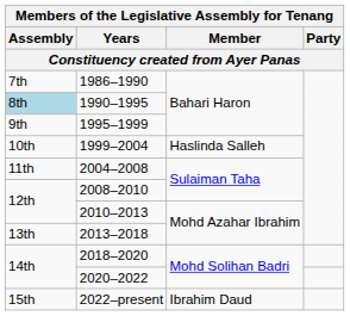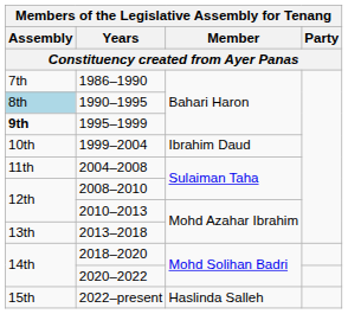 <table class=wikitable>
 <tr>
 <th colspan=4>Members of the Legislative Assembly for Tenang</th>
 </tr>
 <tr>
 <th>Assembly</th>
 <th>Years</th>
 <th>Member</th>
 <th>Party</th>
 </tr>
 <tr>
 <th colspan=4 align=center><em>Constituency created from Ayer Panas</em></th>
 </tr>
 <tr>
 <td>7th</td>
 <td>1986–1990</td>
 <td rowspan="3">Bahari Haron</td>
 <td rowspan="8"></td>
 </tr>
 <tr>
 <td style="background: lightblue;">8th</td>
 <td>1990–1995</td>
 </tr>
 <tr>
-<td>9th</td>
+<td><strong>9th</strong></td>
 <td>1995–1999</td>
 </tr>
 <tr>
 <td>10th</td>
 <td>1999–2004</td>
-<td>Haslinda Salleh</td>
+<td>Ibrahim Daud</td>
 </tr>
 <tr>
 <td>11th</td>
 <td>2004–2008</td>
 <td rowspan="2"><a href='#'>Sulaiman Taha</a></td>
 </tr>
 <tr>
 <td rowspan="2">12th</td>
 <td>2008–2010</td>
 </tr>
 <tr>
 <td>2010–2013</td>
 <td rowspan="2">Mohd Azahar Ibrahim</td>
 </tr>
 <tr>
 <td>13th</td>
 <td>2013–2018</td>
 </tr>
 <tr>
 <td rowspan="2">14th</td>
 <td>2018–2020</td>
 <td rowspan="2"><a href='#'>Mohd Solihan Badri</a></td>
 <td></td>
 </tr>
 <tr>
 <td>2020–2022</td>
 <td></td>
 </tr>
 <tr>
 <td>15th</td>
 <td>2022–present</td>
-<td>Ibrahim Daud</td>
+<td>Haslinda Salleh</td>
 <td></td>
 </tr>
 </table>
